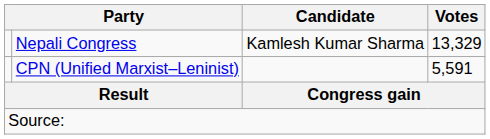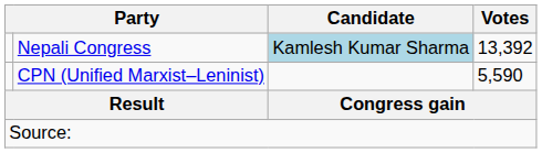 <table class="wikitable">
 <tr>
 <th colspan="2">Party</th>
 <th>Candidate</th>
 <th>Votes</th>
 </tr>
 <tr>
 <td style="background-color:"></td>
 <td><a href='#'>Nepali Congress</a></td>
-<td>Kamlesh Kumar Sharma</td>
-<td>13,329</td>
+<td style="background: lightblue;">Kamlesh Kumar Sharma</td>
+<td>13,392</td>
 </tr>
 <tr>
 <td style="background-color:"></td>
 <td><a href='#'>CPN (Unified Marxist–Leninist)</a></td>
 <td></td>
-<td>5,591</td>
+<td>5,590</td>
 </tr>
 <tr>
 <th colspan="2">Result</th>
 <th colspan="2">Congress gain</th>
 </tr>
 <tr>
 <td colspan="4">Source: </td>
 </tr>
 </table>
